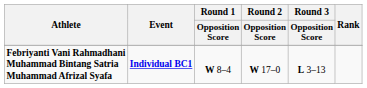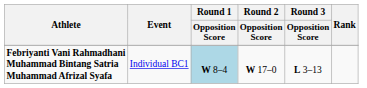 <table class=wikitable style="font-size:90%">
 <tr>
 <th rowspan="2">Athlete</th>
 <th rowspan="2">Event</th>
 <th>Round 1</th>
 <th>Round 2</th>
 <th>Round 3</th>
 <th rowspan="2">Rank</th>
 </tr>
 <tr style="font-size:95%">
 <th>Opposition<br>Score</th>
 <th>Opposition<br>Score</th>
 <th>Opposition<br>Score</th>
 </tr>
 <tr>
 </tr>
 <tr align=center>
 <td align=left><strong>Febriyanti Vani Rahmadhani<br>Muhammad Bintang Satria<br>Muhammad Afrizal Syafa</strong></td>
-<td align=left><strong><a href='#'>Individual BC1</a></strong></td>
-<td><br><strong>W</strong> 8–4</td>
+<td align=left><a href='#'>Individual BC1</a></td>
+<td style="background: lightblue;"><br><strong>W</strong> 8–4</td>
 <td><br><strong>W</strong> 17–0</td>
 <td><br><strong>L</strong> 3–13</td>
 <td></td>
 </tr>
 </table>
